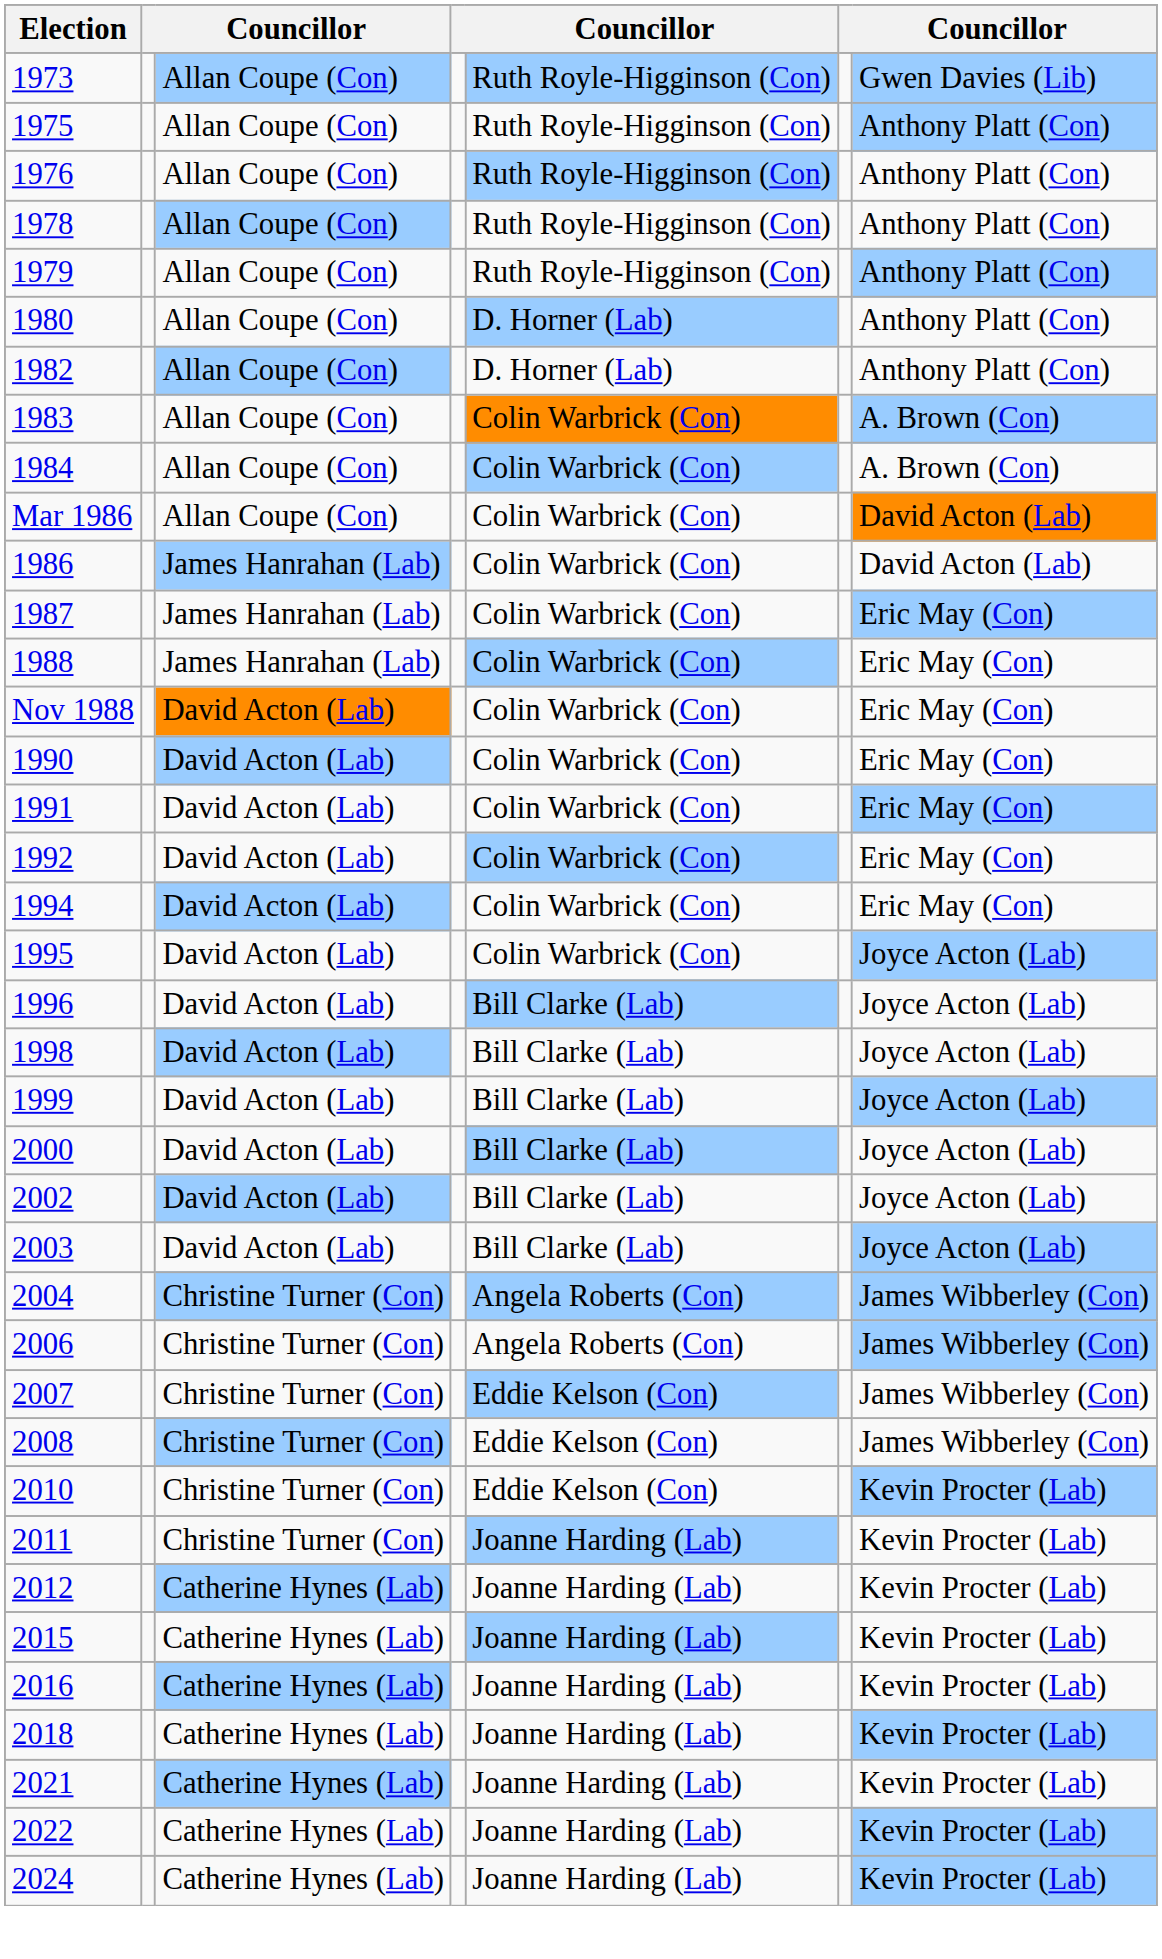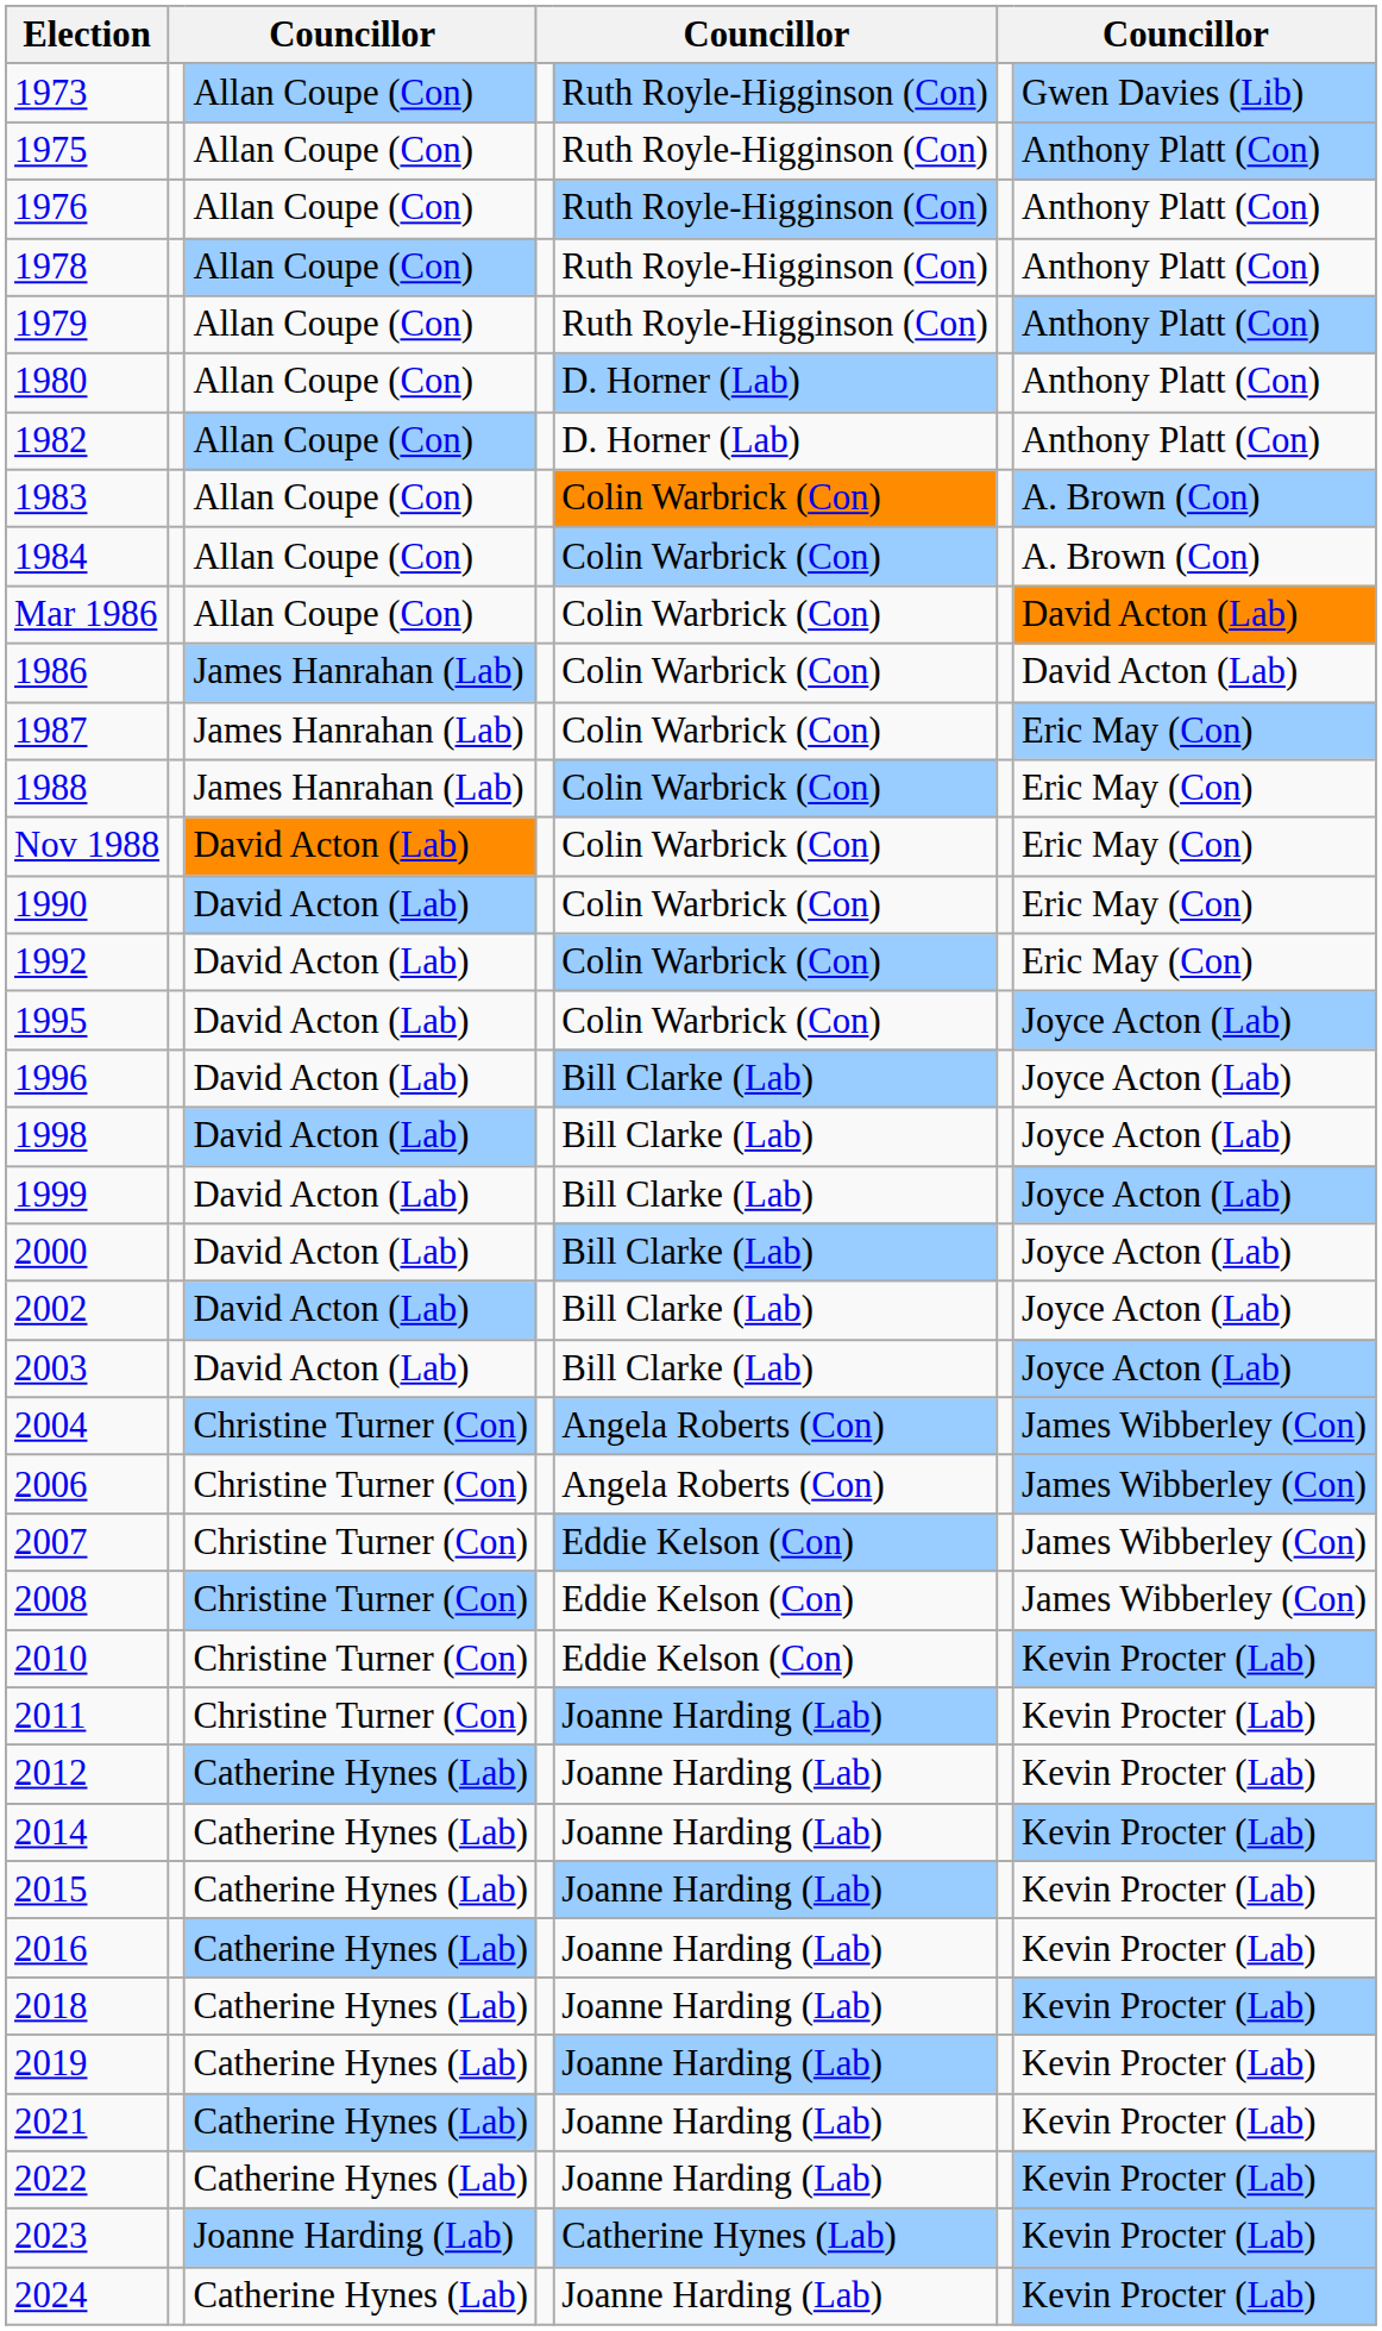 <table class="wikitable">
 <tr>
 <th>Election</th>
 <th colspan="2">Councillor</th>
 <th colspan="2">Councillor</th>
 <th colspan="2">Councillor</th>
 </tr>
 <tr>
 <td><a href='#'>1973</a></td>
 <td style="background-color: "></td>
 <td bgcolor="#99CCFF">Allan Coupe (<a href='#'>Con</a>)</td>
 <td style="background-color: "></td>
 <td bgcolor="#99CCFF">Ruth Royle-Higginson (<a href='#'>Con</a>)</td>
 <td style="background-color: "></td>
 <td bgcolor="#99CCFF">Gwen Davies (<a href='#'>Lib</a>)</td>
 </tr>
 <tr>
 <td><a href='#'>1975</a></td>
 <td style="background-color: "></td>
 <td>Allan Coupe (<a href='#'>Con</a>)</td>
 <td style="background-color: "></td>
 <td>Ruth Royle-Higginson (<a href='#'>Con</a>)</td>
 <td style="background-color: "></td>
 <td bgcolor="#99CCFF">Anthony Platt (<a href='#'>Con</a>)</td>
 </tr>
 <tr>
 <td><a href='#'>1976</a></td>
 <td style="background-color: "></td>
 <td>Allan Coupe (<a href='#'>Con</a>)</td>
 <td style="background-color: "></td>
 <td bgcolor="#99CCFF">Ruth Royle-Higginson (<a href='#'>Con</a>)</td>
 <td style="background-color: "></td>
 <td>Anthony Platt (<a href='#'>Con</a>)</td>
 </tr>
 <tr>
 <td><a href='#'>1978</a></td>
 <td style="background-color: "></td>
 <td bgcolor="#99CCFF">Allan Coupe (<a href='#'>Con</a>)</td>
 <td style="background-color: "></td>
 <td>Ruth Royle-Higginson (<a href='#'>Con</a>)</td>
 <td style="background-color: "></td>
 <td>Anthony Platt (<a href='#'>Con</a>)</td>
 </tr>
 <tr>
 <td><a href='#'>1979</a></td>
 <td style="background-color: "></td>
 <td>Allan Coupe (<a href='#'>Con</a>)</td>
 <td style="background-color: "></td>
 <td>Ruth Royle-Higginson (<a href='#'>Con</a>)</td>
 <td style="background-color: "></td>
 <td bgcolor="#99CCFF">Anthony Platt (<a href='#'>Con</a>)</td>
 </tr>
 <tr>
 <td><a href='#'>1980</a></td>
 <td style="background-color: "></td>
 <td>Allan Coupe (<a href='#'>Con</a>)</td>
 <td style="background-color: "></td>
 <td bgcolor="#99CCFF">D. Horner (<a href='#'>Lab</a>)</td>
 <td style="background-color: "></td>
 <td>Anthony Platt (<a href='#'>Con</a>)</td>
 </tr>
 <tr>
 <td><a href='#'>1982</a></td>
 <td style="background-color: "></td>
 <td bgcolor="#99CCFF">Allan Coupe (<a href='#'>Con</a>)</td>
 <td style="background-color: "></td>
 <td>D. Horner (<a href='#'>Lab</a>)</td>
 <td style="background-color: "></td>
 <td>Anthony Platt (<a href='#'>Con</a>)</td>
 </tr>
 <tr>
 <td><a href='#'>1983</a></td>
 <td style="background-color: "></td>
 <td>Allan Coupe (<a href='#'>Con</a>)</td>
 <td style="background-color: "></td>
 <td bgcolor="#FF8C00">Colin Warbrick (<a href='#'>Con</a>)</td>
 <td style="background-color: "></td>
 <td bgcolor="#99CCFF">A. Brown (<a href='#'>Con</a>)</td>
 </tr>
 <tr>
 <td><a href='#'>1984</a></td>
 <td style="background-color: "></td>
 <td>Allan Coupe (<a href='#'>Con</a>)</td>
 <td style="background-color: "></td>
 <td bgcolor="#99CCFF">Colin Warbrick (<a href='#'>Con</a>)</td>
 <td style="background-color: "></td>
 <td>A. Brown (<a href='#'>Con</a>)</td>
 </tr>
 <tr>
 <td><a href='#'>Mar 1986</a></td>
 <td style="background-color: "></td>
 <td>Allan Coupe (<a href='#'>Con</a>)</td>
 <td style="background-color: "></td>
 <td>Colin Warbrick (<a href='#'>Con</a>)</td>
 <td style="background-color: "></td>
 <td bgcolor="#FF8C00">David Acton (<a href='#'>Lab</a>)</td>
 </tr>
 <tr>
 <td><a href='#'>1986</a></td>
 <td style="background-color: "></td>
 <td bgcolor="#99CCFF">James Hanrahan (<a href='#'>Lab</a>)</td>
 <td style="background-color: "></td>
 <td>Colin Warbrick (<a href='#'>Con</a>)</td>
 <td style="background-color: "></td>
 <td>David Acton (<a href='#'>Lab</a>)</td>
 </tr>
 <tr>
 <td><a href='#'>1987</a></td>
 <td style="background-color: "></td>
 <td>James Hanrahan (<a href='#'>Lab</a>)</td>
 <td style="background-color: "></td>
 <td>Colin Warbrick (<a href='#'>Con</a>)</td>
 <td style="background-color: "></td>
 <td bgcolor="#99CCFF">Eric May (<a href='#'>Con</a>)</td>
 </tr>
 <tr>
 <td><a href='#'>1988</a></td>
 <td style="background-color: "></td>
 <td>James Hanrahan (<a href='#'>Lab</a>)</td>
 <td style="background-color: "></td>
 <td bgcolor="#99CCFF">Colin Warbrick (<a href='#'>Con</a>)</td>
 <td style="background-color: "></td>
 <td>Eric May (<a href='#'>Con</a>)</td>
 </tr>
 <tr>
 <td><a href='#'>Nov 1988</a></td>
 <td style="background-color: "></td>
 <td bgcolor="#FF8C00">David Acton (<a href='#'>Lab</a>)</td>
 <td style="background-color: "></td>
 <td>Colin Warbrick (<a href='#'>Con</a>)</td>
 <td style="background-color: "></td>
 <td>Eric May (<a href='#'>Con</a>)</td>
 </tr>
 <tr>
 <td><a href='#'>1990</a></td>
 <td style="background-color: "></td>
 <td bgcolor="#99CCFF">David Acton (<a href='#'>Lab</a>)</td>
 <td style="background-color: "></td>
 <td>Colin Warbrick (<a href='#'>Con</a>)</td>
 <td style="background-color: "></td>
 <td>Eric May (<a href='#'>Con</a>)</td>
 </tr>
 <tr>
-<td><a href='#'>1991</a></td>
-<td style="background-color: "></td>
-<td>David Acton (<a href='#'>Lab</a>)</td>
-<td style="background-color: "></td>
-<td>Colin Warbrick (<a href='#'>Con</a>)</td>
-<td style="background-color: "></td>
-<td bgcolor="#99CCFF">Eric May (<a href='#'>Con</a>)</td>
-</tr>
-<tr>
 <td><a href='#'>1992</a></td>
 <td style="background-color: "></td>
 <td>David Acton (<a href='#'>Lab</a>)</td>
 <td style="background-color: "></td>
 <td bgcolor="#99CCFF">Colin Warbrick (<a href='#'>Con</a>)</td>
-<td style="background-color: "></td>
-<td>Eric May (<a href='#'>Con</a>)</td>
-</tr>
-<tr>
-<td><a href='#'>1994</a></td>
-<td style="background-color: "></td>
-<td bgcolor="#99CCFF">David Acton (<a href='#'>Lab</a>)</td>
-<td style="background-color: "></td>
-<td>Colin Warbrick (<a href='#'>Con</a>)</td>
 <td style="background-color: "></td>
 <td>Eric May (<a href='#'>Con</a>)</td>
 </tr>
 <tr>
 <td><a href='#'>1995</a></td>
 <td style="background-color: "></td>
 <td>David Acton (<a href='#'>Lab</a>)</td>
 <td style="background-color: "></td>
 <td>Colin Warbrick (<a href='#'>Con</a>)</td>
 <td style="background-color: "></td>
 <td bgcolor="#99CCFF">Joyce Acton (<a href='#'>Lab</a>)</td>
 </tr>
 <tr>
 <td><a href='#'>1996</a></td>
 <td style="background-color: "></td>
 <td>David Acton (<a href='#'>Lab</a>)</td>
 <td style="background-color: "></td>
 <td bgcolor="#99CCFF">Bill Clarke (<a href='#'>Lab</a>)</td>
 <td style="background-color: "></td>
 <td>Joyce Acton (<a href='#'>Lab</a>)</td>
 </tr>
 <tr>
 <td><a href='#'>1998</a></td>
 <td style="background-color: "></td>
 <td bgcolor="#99CCFF">David Acton (<a href='#'>Lab</a>)</td>
 <td style="background-color: "></td>
 <td>Bill Clarke (<a href='#'>Lab</a>)</td>
 <td style="background-color: "></td>
 <td>Joyce Acton (<a href='#'>Lab</a>)</td>
 </tr>
 <tr>
 <td><a href='#'>1999</a></td>
 <td style="background-color: "></td>
 <td>David Acton (<a href='#'>Lab</a>)</td>
 <td style="background-color: "></td>
 <td>Bill Clarke (<a href='#'>Lab</a>)</td>
 <td style="background-color: "></td>
 <td bgcolor="#99CCFF">Joyce Acton (<a href='#'>Lab</a>)</td>
 </tr>
 <tr>
 <td><a href='#'>2000</a></td>
 <td style="background-color: "></td>
 <td>David Acton (<a href='#'>Lab</a>)</td>
 <td style="background-color: "></td>
 <td bgcolor="#99CCFF">Bill Clarke (<a href='#'>Lab</a>)</td>
 <td style="background-color: "></td>
 <td>Joyce Acton (<a href='#'>Lab</a>)</td>
 </tr>
 <tr>
 <td><a href='#'>2002</a></td>
 <td style="background-color: "></td>
 <td bgcolor="#99CCFF">David Acton (<a href='#'>Lab</a>)</td>
 <td style="background-color: "></td>
 <td>Bill Clarke (<a href='#'>Lab</a>)</td>
 <td style="background-color: "></td>
 <td>Joyce Acton (<a href='#'>Lab</a>)</td>
 </tr>
 <tr>
 <td><a href='#'>2003</a></td>
 <td style="background-color: "></td>
 <td>David Acton (<a href='#'>Lab</a>)</td>
 <td style="background-color: "></td>
 <td>Bill Clarke (<a href='#'>Lab</a>)</td>
 <td style="background-color: "></td>
 <td bgcolor="#99CCFF">Joyce Acton (<a href='#'>Lab</a>)</td>
 </tr>
 <tr>
 <td><a href='#'>2004</a></td>
 <td style="background-color: "></td>
 <td bgcolor="#99CCFF">Christine Turner (<a href='#'>Con</a>)</td>
 <td style="background-color: "></td>
 <td bgcolor="#99CCFF">Angela Roberts (<a href='#'>Con</a>)</td>
 <td style="background-color: "></td>
 <td bgcolor="#99CCFF">James Wibberley (<a href='#'>Con</a>)</td>
 </tr>
 <tr>
 <td><a href='#'>2006</a></td>
 <td style="background-color: "></td>
 <td>Christine Turner (<a href='#'>Con</a>)</td>
 <td style="background-color: "></td>
 <td>Angela Roberts (<a href='#'>Con</a>)</td>
 <td style="background-color: "></td>
 <td bgcolor="#99CCFF">James Wibberley (<a href='#'>Con</a>)</td>
 </tr>
 <tr>
 <td><a href='#'>2007</a></td>
 <td style="background-color: "></td>
 <td>Christine Turner (<a href='#'>Con</a>)</td>
 <td style="background-color: "></td>
 <td bgcolor="#99CCFF">Eddie Kelson (<a href='#'>Con</a>)</td>
 <td style="background-color: "></td>
 <td>James Wibberley (<a href='#'>Con</a>)</td>
 </tr>
 <tr>
 <td><a href='#'>2008</a></td>
 <td style="background-color: "></td>
 <td bgcolor="#99CCFF">Christine Turner (<a href='#'>Con</a>)</td>
 <td style="background-color: "></td>
 <td>Eddie Kelson (<a href='#'>Con</a>)</td>
 <td style="background-color: "></td>
 <td>James Wibberley (<a href='#'>Con</a>)</td>
 </tr>
 <tr>
 <td><a href='#'>2010</a></td>
 <td style="background-color: "></td>
 <td>Christine Turner (<a href='#'>Con</a>)</td>
 <td style="background-color: "></td>
 <td>Eddie Kelson (<a href='#'>Con</a>)</td>
 <td style="background-color: "></td>
 <td bgcolor="#99CCFF">Kevin Procter (<a href='#'>Lab</a>)</td>
 </tr>
 <tr>
 <td><a href='#'>2011</a></td>
 <td style="background-color: "></td>
 <td>Christine Turner (<a href='#'>Con</a>)</td>
 <td style="background-color: "></td>
 <td bgcolor="#99CCFF">Joanne Harding (<a href='#'>Lab</a>)</td>
 <td style="background-color: "></td>
 <td>Kevin Procter (<a href='#'>Lab</a>)</td>
 </tr>
 <tr>
 <td><a href='#'>2012</a></td>
 <td style="background-color: "></td>
 <td bgcolor="#99CCFF">Catherine Hynes (<a href='#'>Lab</a>)</td>
 <td style="background-color: "></td>
 <td>Joanne Harding (<a href='#'>Lab</a>)</td>
 <td style="background-color: "></td>
 <td>Kevin Procter (<a href='#'>Lab</a>)</td>
 </tr>
 <tr>
+<td><a href='#'>2014</a></td>
+<td style="background-color: "></td>
+<td>Catherine Hynes (<a href='#'>Lab</a>)</td>
+<td style="background-color: "></td>
+<td>Joanne Harding (<a href='#'>Lab</a>)</td>
+<td style="background-color: "></td>
+<td bgcolor="#99CCFF">Kevin Procter (<a href='#'>Lab</a>)</td>
+</tr>
+<tr>
 <td><a href='#'>2015</a></td>
 <td style="background-color: "></td>
 <td>Catherine Hynes (<a href='#'>Lab</a>)</td>
 <td style="background-color: "></td>
 <td bgcolor="#99CCFF">Joanne Harding (<a href='#'>Lab</a>)</td>
 <td style="background-color: "></td>
 <td>Kevin Procter (<a href='#'>Lab</a>)</td>
 </tr>
 <tr>
 <td><a href='#'>2016</a></td>
 <td style="background-color: "></td>
 <td bgcolor="#99CCFF">Catherine Hynes (<a href='#'>Lab</a>)</td>
 <td style="background-color: "></td>
 <td>Joanne Harding (<a href='#'>Lab</a>)</td>
 <td style="background-color: "></td>
 <td>Kevin Procter (<a href='#'>Lab</a>)</td>
 </tr>
 <tr>
 <td><a href='#'>2018</a></td>
 <td style="background-color: "></td>
 <td>Catherine Hynes (<a href='#'>Lab</a>)</td>
 <td style="background-color: "></td>
 <td>Joanne Harding (<a href='#'>Lab</a>)</td>
 <td style="background-color: "></td>
 <td bgcolor="#99CCFF">Kevin Procter (<a href='#'>Lab</a>)</td>
 </tr>
 <tr>
+<td><a href='#'>2019</a></td>
+<td style="background-color: "></td>
+<td>Catherine Hynes (<a href='#'>Lab</a>)</td>
+<td style="background-color: "></td>
+<td bgcolor="#99CCFF">Joanne Harding (<a href='#'>Lab</a>)</td>
+<td style="background-color: "></td>
+<td>Kevin Procter (<a href='#'>Lab</a>)</td>
+</tr>
+<tr>
 <td><a href='#'>2021</a></td>
 <td style="background-color: "></td>
 <td bgcolor="#99CCFF">Catherine Hynes (<a href='#'>Lab</a>)</td>
 <td style="background-color: "></td>
 <td>Joanne Harding (<a href='#'>Lab</a>)</td>
 <td style="background-color: "></td>
 <td>Kevin Procter (<a href='#'>Lab</a>)</td>
 </tr>
 <tr>
 <td><a href='#'>2022</a></td>
 <td style="background-color: "></td>
 <td>Catherine Hynes (<a href='#'>Lab</a>)</td>
 <td style="background-color: "></td>
 <td>Joanne Harding (<a href='#'>Lab</a>)</td>
 <td style="background-color: "></td>
 <td bgcolor="#99CCFF">Kevin Procter (<a href='#'>Lab</a>)</td>
 </tr>
 <tr>
+<td><a href='#'>2023</a></td>
+<td style="background-color: "></td>
+<td bgcolor="#99CCFF">Joanne Harding (<a href='#'>Lab</a>)</td>
+<td style="background-color: "></td>
+<td bgcolor="#99CCFF">Catherine Hynes (<a href='#'>Lab</a>)</td>
+<td style="background-color: "></td>
+<td bgcolor="#99CCFF">Kevin Procter (<a href='#'>Lab</a>)</td>
+</tr>
+<tr>
 <td><a href='#'>2024</a></td>
 <td style="background-color: "></td>
 <td>Catherine Hynes (<a href='#'>Lab</a>)</td>
 <td style="background-color: "></td>
 <td>Joanne Harding (<a href='#'>Lab</a>)</td>
 <td style="background-color: "></td>
 <td bgcolor="#99CCFF">Kevin Procter (<a href='#'>Lab</a>)</td>
 </tr>
 </table>
